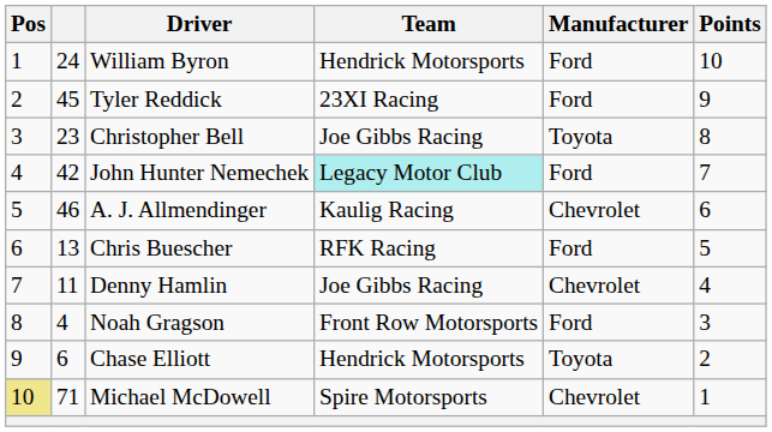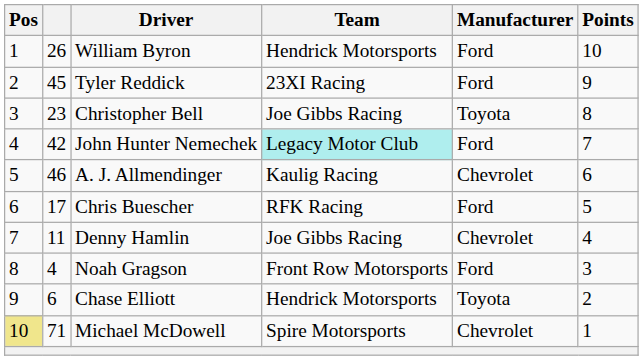 <table class="wikitable" style="font-size:98%">
 <tr>
 <th>Pos</th>
 <th></th>
 <th>Driver</th>
 <th>Team</th>
 <th>Manufacturer</th>
 <th>Points</th>
 </tr>
 <tr>
 <td>1</td>
-<td>24</td>
+<td>26</td>
 <td>William Byron</td>
 <td>Hendrick Motorsports</td>
 <td>Ford</td>
 <td>10</td>
 </tr>
 <tr>
 <td>2</td>
 <td>45</td>
 <td>Tyler Reddick</td>
 <td>23XI Racing</td>
 <td>Ford</td>
 <td>9</td>
 </tr>
 <tr>
 <td>3</td>
 <td>23</td>
 <td>Christopher Bell</td>
 <td>Joe Gibbs Racing</td>
 <td>Toyota</td>
 <td>8</td>
 </tr>
 <tr>
 <td>4</td>
 <td>42</td>
 <td>John Hunter Nemechek</td>
 <td style="background: paleturquoise;">Legacy Motor Club</td>
 <td>Ford</td>
 <td>7</td>
 </tr>
 <tr>
 <td>5</td>
 <td>46</td>
 <td>A. J. Allmendinger</td>
 <td>Kaulig Racing</td>
 <td>Chevrolet</td>
 <td>6</td>
 </tr>
 <tr>
 <td>6</td>
-<td>13</td>
+<td>17</td>
 <td>Chris Buescher</td>
 <td>RFK Racing</td>
 <td>Ford</td>
 <td>5</td>
 </tr>
 <tr>
 <td>7</td>
 <td>11</td>
 <td>Denny Hamlin</td>
 <td>Joe Gibbs Racing</td>
 <td>Chevrolet</td>
 <td>4</td>
 </tr>
 <tr>
 <td>8</td>
 <td>4</td>
 <td>Noah Gragson</td>
 <td>Front Row Motorsports</td>
 <td>Ford</td>
 <td>3</td>
 </tr>
 <tr>
 <td>9</td>
 <td>6</td>
 <td>Chase Elliott</td>
 <td>Hendrick Motorsports</td>
 <td>Toyota</td>
 <td>2</td>
 </tr>
 <tr>
 <td style="background: khaki;">10</td>
 <td>71</td>
 <td>Michael McDowell</td>
 <td>Spire Motorsports</td>
 <td>Chevrolet</td>
 <td>1</td>
 </tr>
 <tr>
 <th colspan="6"></th>
 </tr>
 </table>
